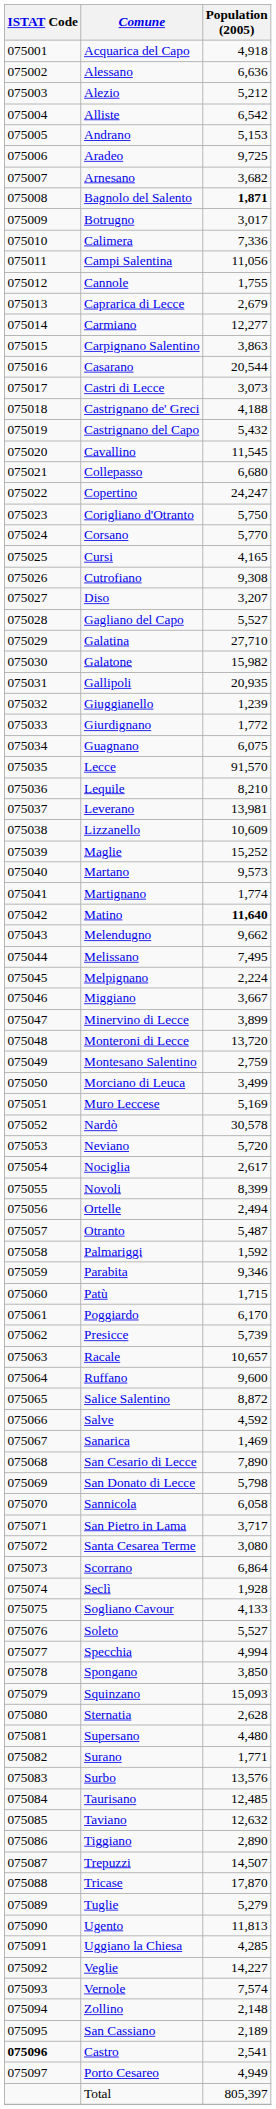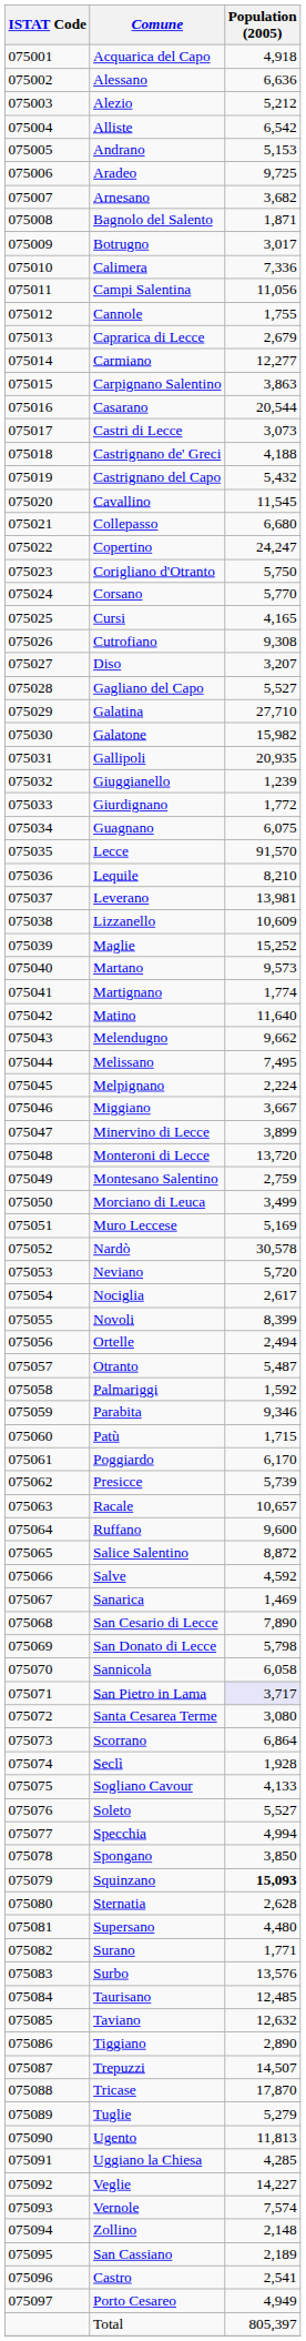 <table class="wikitable sortable">
 <tr>
 <th><a href='#'>ISTAT</a> Code</th>
 <th><em><a href='#'>Comune</a></em></th>
 <th>Population <br>(2005)</th>
 </tr>
 <tr>
 <td>075001</td>
 <td><a href='#'>Acquarica del Capo</a></td>
 <td align="right">4,918</td>
 </tr>
 <tr>
 <td>075002</td>
 <td><a href='#'>Alessano</a></td>
 <td align="right">6,636</td>
 </tr>
 <tr>
 <td>075003</td>
 <td><a href='#'>Alezio</a></td>
 <td align="right">5,212</td>
 </tr>
 <tr>
 <td>075004</td>
 <td><a href='#'>Alliste</a></td>
 <td align="right">6,542</td>
 </tr>
 <tr>
 <td>075005</td>
 <td><a href='#'>Andrano</a></td>
 <td align="right">5,153</td>
 </tr>
 <tr>
 <td>075006</td>
 <td><a href='#'>Aradeo</a></td>
 <td align="right">9,725</td>
 </tr>
 <tr>
 <td>075007</td>
 <td><a href='#'>Arnesano</a></td>
 <td align="right">3,682</td>
 </tr>
 <tr>
 <td>075008</td>
 <td><a href='#'>Bagnolo del Salento</a></td>
-<td align="right"><strong>1,871</strong></td>
+<td align="right">1,871</td>
 </tr>
 <tr>
 <td>075009</td>
 <td><a href='#'>Botrugno</a></td>
 <td align="right">3,017</td>
 </tr>
 <tr>
 <td>075010</td>
 <td><a href='#'>Calimera</a></td>
 <td align="right">7,336</td>
 </tr>
 <tr>
 <td>075011</td>
 <td><a href='#'>Campi Salentina</a></td>
 <td align="right">11,056</td>
 </tr>
 <tr>
 <td>075012</td>
 <td><a href='#'>Cannole</a></td>
 <td align="right">1,755</td>
 </tr>
 <tr>
 <td>075013</td>
 <td><a href='#'>Caprarica di Lecce</a></td>
 <td align="right">2,679</td>
 </tr>
 <tr>
 <td>075014</td>
 <td><a href='#'>Carmiano</a></td>
 <td align="right">12,277</td>
 </tr>
 <tr>
 <td>075015</td>
 <td><a href='#'>Carpignano Salentino</a></td>
 <td align="right">3,863</td>
 </tr>
 <tr>
 <td>075016</td>
 <td><a href='#'>Casarano</a></td>
 <td align="right">20,544</td>
 </tr>
 <tr>
 <td>075017</td>
 <td><a href='#'>Castri di Lecce</a></td>
 <td align="right">3,073</td>
 </tr>
 <tr>
 <td>075018</td>
 <td><a href='#'>Castrignano de' Greci</a></td>
 <td align="right">4,188</td>
 </tr>
 <tr>
 <td>075019</td>
 <td><a href='#'>Castrignano del Capo</a></td>
 <td align="right">5,432</td>
 </tr>
 <tr>
 <td>075020</td>
 <td><a href='#'>Cavallino</a></td>
 <td align="right">11,545</td>
 </tr>
 <tr>
 <td>075021</td>
 <td><a href='#'>Collepasso</a></td>
 <td align="right">6,680</td>
 </tr>
 <tr>
 <td>075022</td>
 <td><a href='#'>Copertino</a></td>
 <td align="right">24,247</td>
 </tr>
 <tr>
 <td>075023</td>
 <td><a href='#'>Corigliano d'Otranto</a></td>
 <td align="right">5,750</td>
 </tr>
 <tr>
 <td>075024</td>
 <td><a href='#'>Corsano</a></td>
 <td align="right">5,770</td>
 </tr>
 <tr>
 <td>075025</td>
 <td><a href='#'>Cursi</a></td>
 <td align="right">4,165</td>
 </tr>
 <tr>
 <td>075026</td>
 <td><a href='#'>Cutrofiano</a></td>
 <td align="right">9,308</td>
 </tr>
 <tr>
 <td>075027</td>
 <td><a href='#'>Diso</a></td>
 <td align="right">3,207</td>
 </tr>
 <tr>
 <td>075028</td>
 <td><a href='#'>Gagliano del Capo</a></td>
 <td align="right">5,527</td>
 </tr>
 <tr>
 <td>075029</td>
 <td><a href='#'>Galatina</a></td>
 <td align="right">27,710</td>
 </tr>
 <tr>
 <td>075030</td>
 <td><a href='#'>Galatone</a></td>
 <td align="right">15,982</td>
 </tr>
 <tr>
 <td>075031</td>
 <td><a href='#'>Gallipoli</a></td>
 <td align="right">20,935</td>
 </tr>
 <tr>
 <td>075032</td>
 <td><a href='#'>Giuggianello</a></td>
 <td align="right">1,239</td>
 </tr>
 <tr>
 <td>075033</td>
 <td><a href='#'>Giurdignano</a></td>
 <td align="right">1,772</td>
 </tr>
 <tr>
 <td>075034</td>
 <td><a href='#'>Guagnano</a></td>
 <td align="right">6,075</td>
 </tr>
 <tr>
 <td>075035</td>
 <td><a href='#'>Lecce</a></td>
 <td align="right">91,570</td>
 </tr>
 <tr>
 <td>075036</td>
 <td><a href='#'>Lequile</a></td>
 <td align="right">8,210</td>
 </tr>
 <tr>
 <td>075037</td>
 <td><a href='#'>Leverano</a></td>
 <td align="right">13,981</td>
 </tr>
 <tr>
 <td>075038</td>
 <td><a href='#'>Lizzanello</a></td>
 <td align="right">10,609</td>
 </tr>
 <tr>
 <td>075039</td>
 <td><a href='#'>Maglie</a></td>
 <td align="right">15,252</td>
 </tr>
 <tr>
 <td>075040</td>
 <td><a href='#'>Martano</a></td>
 <td align="right">9,573</td>
 </tr>
 <tr>
 <td>075041</td>
 <td><a href='#'>Martignano</a></td>
 <td align="right">1,774</td>
 </tr>
 <tr>
 <td>075042</td>
 <td><a href='#'>Matino</a></td>
-<td align="right"><strong>11,640</strong></td>
+<td align="right">11,640</td>
 </tr>
 <tr>
 <td>075043</td>
 <td><a href='#'>Melendugno</a></td>
 <td align="right">9,662</td>
 </tr>
 <tr>
 <td>075044</td>
 <td><a href='#'>Melissano</a></td>
 <td align="right">7,495</td>
 </tr>
 <tr>
 <td>075045</td>
 <td><a href='#'>Melpignano</a></td>
 <td align="right">2,224</td>
 </tr>
 <tr>
 <td>075046</td>
 <td><a href='#'>Miggiano</a></td>
 <td align="right">3,667</td>
 </tr>
 <tr>
 <td>075047</td>
 <td><a href='#'>Minervino di Lecce</a></td>
 <td align="right">3,899</td>
 </tr>
 <tr>
 <td>075048</td>
 <td><a href='#'>Monteroni di Lecce</a></td>
 <td align="right">13,720</td>
 </tr>
 <tr>
 <td>075049</td>
 <td><a href='#'>Montesano Salentino</a></td>
 <td align="right">2,759</td>
 </tr>
 <tr>
 <td>075050</td>
 <td><a href='#'>Morciano di Leuca</a></td>
 <td align="right">3,499</td>
 </tr>
 <tr>
 <td>075051</td>
 <td><a href='#'>Muro Leccese</a></td>
 <td align="right">5,169</td>
 </tr>
 <tr>
 <td>075052</td>
 <td><a href='#'>Nardò</a></td>
 <td align="right">30,578</td>
 </tr>
 <tr>
 <td>075053</td>
 <td><a href='#'>Neviano</a></td>
 <td align="right">5,720</td>
 </tr>
 <tr>
 <td>075054</td>
 <td><a href='#'>Nociglia</a></td>
 <td align="right">2,617</td>
 </tr>
 <tr>
 <td>075055</td>
 <td><a href='#'>Novoli</a></td>
 <td align="right">8,399</td>
 </tr>
 <tr>
 <td>075056</td>
 <td><a href='#'>Ortelle</a></td>
 <td align="right">2,494</td>
 </tr>
 <tr>
 <td>075057</td>
 <td><a href='#'>Otranto</a></td>
 <td align="right">5,487</td>
 </tr>
 <tr>
 <td>075058</td>
 <td><a href='#'>Palmariggi</a></td>
 <td align="right">1,592</td>
 </tr>
 <tr>
 <td>075059</td>
 <td><a href='#'>Parabita</a></td>
 <td align="right">9,346</td>
 </tr>
 <tr>
 <td>075060</td>
 <td><a href='#'>Patù</a></td>
 <td align="right">1,715</td>
 </tr>
 <tr>
 <td>075061</td>
 <td><a href='#'>Poggiardo</a></td>
 <td align="right">6,170</td>
 </tr>
 <tr>
 <td>075062</td>
 <td><a href='#'>Presicce</a></td>
 <td align="right">5,739</td>
 </tr>
 <tr>
 <td>075063</td>
 <td><a href='#'>Racale</a></td>
 <td align="right">10,657</td>
 </tr>
 <tr>
 <td>075064</td>
 <td><a href='#'>Ruffano</a></td>
 <td align="right">9,600</td>
 </tr>
 <tr>
 <td>075065</td>
 <td><a href='#'>Salice Salentino</a></td>
 <td align="right">8,872</td>
 </tr>
 <tr>
 <td>075066</td>
 <td><a href='#'>Salve</a></td>
 <td align="right">4,592</td>
 </tr>
 <tr>
 <td>075067</td>
 <td><a href='#'>Sanarica</a></td>
 <td align="right">1,469</td>
 </tr>
 <tr>
 <td>075068</td>
 <td><a href='#'>San Cesario di Lecce</a></td>
 <td align="right">7,890</td>
 </tr>
 <tr>
 <td>075069</td>
 <td><a href='#'>San Donato di Lecce</a></td>
 <td align="right">5,798</td>
 </tr>
 <tr>
 <td>075070</td>
 <td><a href='#'>Sannicola</a></td>
 <td align="right">6,058</td>
 </tr>
 <tr>
 <td>075071</td>
 <td><a href='#'>San Pietro in Lama</a></td>
-<td align="right">3,717</td>
+<td align="right" style="background: lavender;">3,717</td>
 </tr>
 <tr>
 <td>075072</td>
 <td><a href='#'>Santa Cesarea Terme</a></td>
 <td align="right">3,080</td>
 </tr>
 <tr>
 <td>075073</td>
 <td><a href='#'>Scorrano</a></td>
 <td align="right">6,864</td>
 </tr>
 <tr>
 <td>075074</td>
 <td><a href='#'>Seclì</a></td>
 <td align="right">1,928</td>
 </tr>
 <tr>
 <td>075075</td>
 <td><a href='#'>Sogliano Cavour</a></td>
 <td align="right">4,133</td>
 </tr>
 <tr>
 <td>075076</td>
 <td><a href='#'>Soleto</a></td>
 <td align="right">5,527</td>
 </tr>
 <tr>
 <td>075077</td>
 <td><a href='#'>Specchia</a></td>
 <td align="right">4,994</td>
 </tr>
 <tr>
 <td>075078</td>
 <td><a href='#'>Spongano</a></td>
 <td align="right">3,850</td>
 </tr>
 <tr>
 <td>075079</td>
 <td><a href='#'>Squinzano</a></td>
-<td align="right">15,093</td>
+<td align="right"><strong>15,093</strong></td>
 </tr>
 <tr>
 <td>075080</td>
 <td><a href='#'>Sternatia</a></td>
 <td align="right">2,628</td>
 </tr>
 <tr>
 <td>075081</td>
 <td><a href='#'>Supersano</a></td>
 <td align="right">4,480</td>
 </tr>
 <tr>
 <td>075082</td>
 <td><a href='#'>Surano</a></td>
 <td align="right">1,771</td>
 </tr>
 <tr>
 <td>075083</td>
 <td><a href='#'>Surbo</a></td>
 <td align="right">13,576</td>
 </tr>
 <tr>
 <td>075084</td>
 <td><a href='#'>Taurisano</a></td>
 <td align="right">12,485</td>
 </tr>
 <tr>
 <td>075085</td>
 <td><a href='#'>Taviano</a></td>
 <td align="right">12,632</td>
 </tr>
 <tr>
 <td>075086</td>
 <td><a href='#'>Tiggiano</a></td>
 <td align="right">2,890</td>
 </tr>
 <tr>
 <td>075087</td>
 <td><a href='#'>Trepuzzi</a></td>
 <td align="right">14,507</td>
 </tr>
 <tr>
 <td>075088</td>
 <td><a href='#'>Tricase</a></td>
 <td align="right">17,870</td>
 </tr>
 <tr>
 <td>075089</td>
 <td><a href='#'>Tuglie</a></td>
 <td align="right">5,279</td>
 </tr>
 <tr>
 <td>075090</td>
 <td><a href='#'>Ugento</a></td>
 <td align="right">11,813</td>
 </tr>
 <tr>
 <td>075091</td>
 <td><a href='#'>Uggiano la Chiesa</a></td>
 <td align="right">4,285</td>
 </tr>
 <tr>
 <td>075092</td>
 <td><a href='#'>Veglie</a></td>
 <td align="right">14,227</td>
 </tr>
 <tr>
 <td>075093</td>
 <td><a href='#'>Vernole</a></td>
 <td align="right">7,574</td>
 </tr>
 <tr>
 <td>075094</td>
 <td><a href='#'>Zollino</a></td>
 <td align="right">2,148</td>
 </tr>
 <tr>
 <td>075095</td>
 <td><a href='#'>San Cassiano</a></td>
 <td align="right">2,189</td>
 </tr>
 <tr>
-<td><strong>075096</strong></td>
+<td>075096</td>
 <td><a href='#'>Castro</a></td>
 <td align="right">2,541</td>
 </tr>
 <tr>
 <td>075097</td>
 <td><a href='#'>Porto Cesareo</a></td>
 <td align="right">4,949</td>
 </tr>
 <tr>
 <td></td>
 <td>Total</td>
 <td align="right">805,397</td>
 </tr>
 <tr>
 </tr>
 </table>
